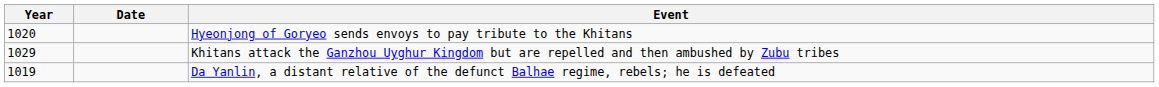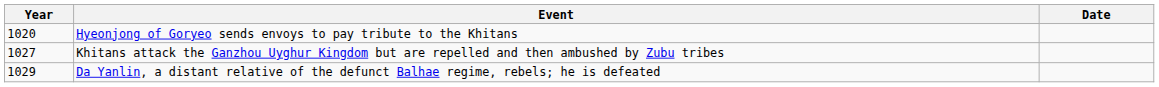 <table class="wikitable" width="100%">
 <tr>
 <th style="width:6%">Year</th>
+<th>Event</th>
 <th style="width:10%">Date</th>
-<th>Event</th>
 </tr>
 <tr>
 <td>1020</td>
+<td><a href='#'>Hyeonjong of Goryeo</a> sends envoys to pay tribute to the Khitans</td>
 <td></td>
-<td><a href='#'>Hyeonjong of Goryeo</a> sends envoys to pay tribute to the Khitans</td>
+</tr>
+<tr>
+<td>1027</td>
+<td>Khitans attack the <a href='#'>Ganzhou Uyghur Kingdom</a> but are repelled and then ambushed by <a href='#'>Zubu</a> tribes</td>
+<td></td>
 </tr>
 <tr>
 <td>1029</td>
+<td><a href='#'>Da Yanlin</a>, a distant relative of the defunct <a href='#'>Balhae</a> regime, rebels; he is defeated</td>
 <td></td>
-<td>Khitans attack the <a href='#'>Ganzhou Uyghur Kingdom</a> but are repelled and then ambushed by <a href='#'>Zubu</a> tribes</td>
-</tr>
-<tr>
-<td>1019</td>
-<td></td>
-<td><a href='#'>Da Yanlin</a>, a distant relative of the defunct <a href='#'>Balhae</a> regime, rebels; he is defeated</td>
 </tr>
 </table>
